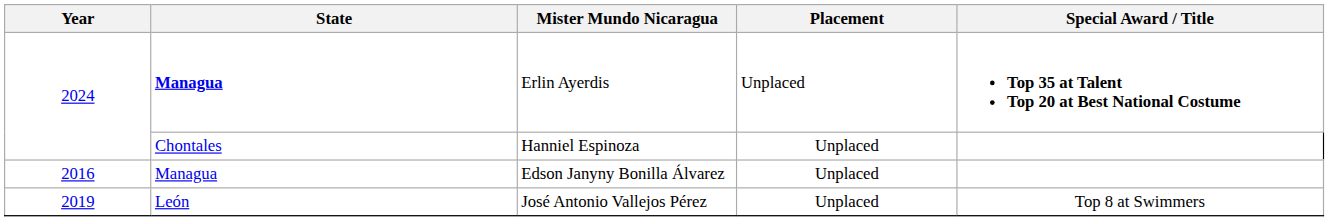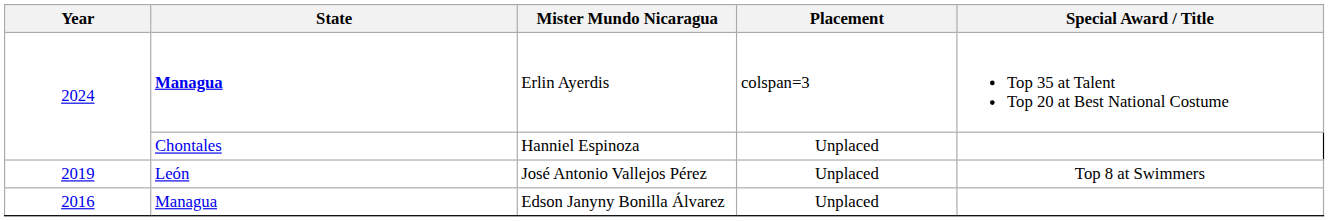 <table class="wikitable" style="margin: 0 1em 0 0; background: white; border: 1px solid; border-collapse: collapse; font-size: 90%;" width=90%>
 <tr>
 <th width=10%>Year</th>
 <th width=25%>State</th>
 <th width=15%>Mister Mundo Nicaragua</th>
 <th width=15%>Placement</th>
 <th width=25%>Special Award / Title</th>
 </tr>
 <tr>
 <td rowspan="2" align="center"><a href='#'>2024</a></td>
 <td><strong><a href='#'>Managua</a></strong></td>
 <td>Erlin Ayerdis</td>
-<td>Unplaced</td>
-<td><strong><br><ul><li>Top 35 at Talent</li><li>Top 20 at Best National Costume</li></ul></strong></td>
+<td>colspan=3 </td>
+<td><br><ul><li>Top 35 at Talent</li><li>Top 20 at Best National Costume</li></ul></td>
 </tr>
 <tr>
 <td><a href='#'>Chontales</a></td>
 <td>Hanniel Espinoza</td>
 <td align="center">Unplaced</td>
+</tr>
+<tr>
+<td align="center"><a href='#'>2019</a></td>
+<td><a href='#'>León</a></td>
+<td>José Antonio Vallejos Pérez</td>
+<td align="center">Unplaced</td>
+<td align="center">Top 8 at Swimmers</td>
 </tr>
 <tr>
 <td align="center"><a href='#'>2016</a></td>
 <td><a href='#'>Managua</a></td>
 <td>Edson Janyny Bonilla Álvarez</td>
 <td align="center">Unplaced</td>
 <td align="center"></td>
 </tr>
 <tr>
-<td align="center"><a href='#'>2019</a></td>
-<td><a href='#'>León</a></td>
-<td>José Antonio Vallejos Pérez</td>
-<td align="center">Unplaced</td>
-<td align="center">Top 8 at Swimmers</td>
-</tr>
-<tr>
 </tr>
 </table>
